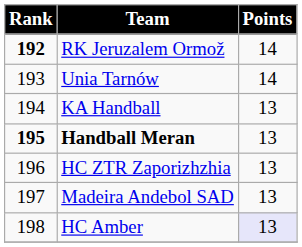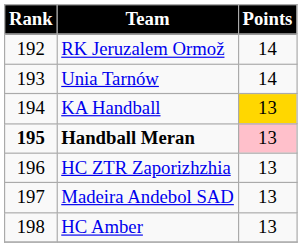 <table class="wikitable" style="text-align: center">
 <tr>
 <th style="color:#FFFFFF; background:#000000">Rank</th>
 <th style="color:#FFFFFF; background:#000000">Team</th>
 <th style="color:#FFFFFF; background:#000000">Points</th>
 </tr>
 <tr>
-<td><strong>192</strong></td>
+<td>192</td>
 <td align=left> <a href='#'>RK Jeruzalem Ormož</a></td>
 <td>14</td>
 </tr>
 <tr>
 <td>193</td>
 <td align=left> <a href='#'>Unia Tarnów</a></td>
 <td>14</td>
 </tr>
 <tr>
 <td>194</td>
 <td align=left> <a href='#'>KA Handball</a></td>
-<td>13</td>
+<td style="background: gold;">13</td>
 </tr>
 <tr>
 <td><strong>195</strong></td>
 <td align=left> <strong>Handball Meran</strong></td>
-<td>13</td>
+<td style="background: pink;">13</td>
 </tr>
 <tr>
 <td>196</td>
 <td align=left> <a href='#'>HC ZTR Zaporizhzhia</a></td>
 <td>13</td>
 </tr>
 <tr>
 <td>197</td>
 <td align=left> <a href='#'>Madeira Andebol SAD</a></td>
 <td>13</td>
 </tr>
 <tr>
 <td>198</td>
 <td align=left> <a href='#'>HC Amber</a></td>
-<td style="background: lavender;">13</td>
+<td>13</td>
 </tr>
 <tr>
 </tr>
 </table>
